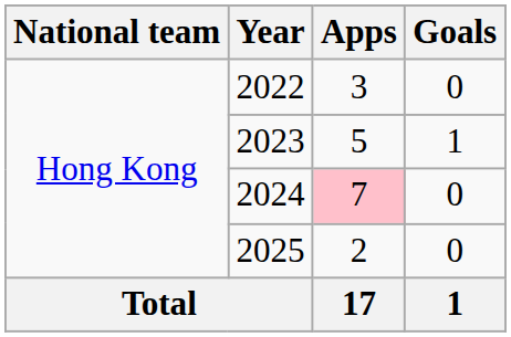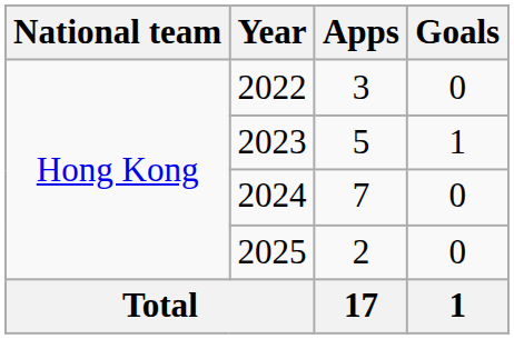 <table class="wikitable" style="text-align:center">
 <tr>
 <th>National team</th>
 <th>Year</th>
 <th>Apps</th>
 <th>Goals</th>
 </tr>
 <tr>
 <td rowspan="4"><a href='#'>Hong Kong</a></td>
 <td>2022</td>
 <td>3</td>
 <td>0</td>
 </tr>
 <tr>
 <td>2023</td>
 <td>5</td>
 <td>1</td>
 </tr>
 <tr>
 <td>2024</td>
-<td style="background: pink;">7</td>
+<td>7</td>
 <td>0</td>
 </tr>
 <tr>
 <td>2025</td>
 <td>2</td>
 <td>0</td>
 </tr>
 <tr>
 <th colspan="2">Total</th>
 <th>17</th>
 <th>1</th>
 </tr>
 </table>
